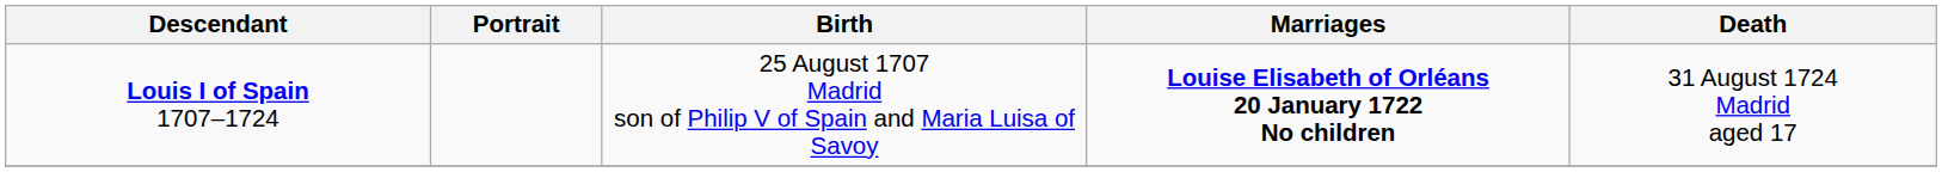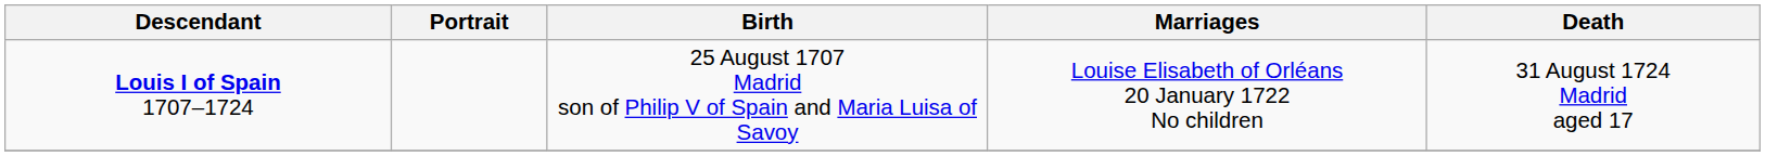 <table style="text-align:center; width:100%" class="wikitable">
 <tr>
 <th width=22%>Descendant</th>
 <th width=105px>Portrait</th>
 <th>Birth</th>
 <th width=25%>Marriages</th>
 <th width=19%>Death</th>
 </tr>
 <tr>
 <td><strong><a href='#'>Louis I of Spain</a></strong><br>1707–1724</td>
 <td></td>
 <td>25 August 1707<br><a href='#'>Madrid</a><br>son of <a href='#'>Philip V of Spain</a> and <a href='#'>Maria Luisa of Savoy</a></td>
-<td><strong><a href='#'>Louise Elisabeth of Orléans</a><br>20 January 1722<br>No children</strong></td>
+<td><a href='#'>Louise Elisabeth of Orléans</a><br>20 January 1722<br>No children</td>
 <td>31 August 1724<br><a href='#'>Madrid</a><br>aged 17</td>
 </tr>
 <tr>
 </tr>
 </table>
